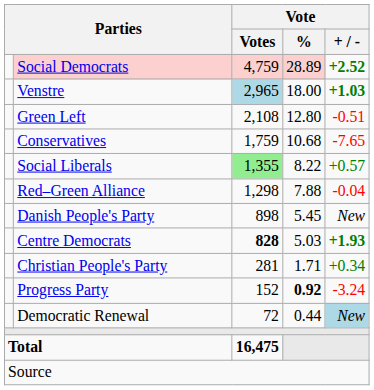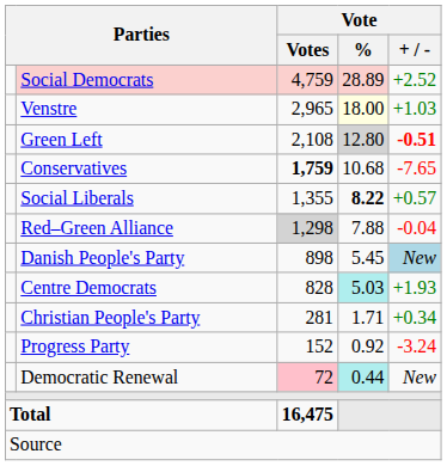 <table class="wikitable" style="text-align:right;">
 <tr>
 <th style="text-align:centre;" rowspan="2" colspan="2" width="225">Parties</th>
 <th colspan="3">Vote</th>
 </tr>
 <tr>
 <th width="15">Votes</th>
 <th width="15">%</th>
 <th width="15">+ / -</th>
 </tr>
 <tr>
 <td width="2" style="color:inherit;background:"></td>
 <td bgcolor=#fbd0ce  align="left"><a href='#'>Social Democrats</a></td>
 <td bgcolor=#fbd0ce>4,759</td>
 <td bgcolor=#fbd0ce>28.89</td>
-<td style=color:green;><strong>+2.52</strong></td>
+<td style=color:green;>+2.52</td>
 </tr>
 <tr>
 <td width="2" style="color:inherit;background:"></td>
 <td align="left"><a href='#'>Venstre</a></td>
-<td style="background: lightblue;">2,965</td>
-<td>18.00</td>
-<td style=color:green;><strong>+1.03</strong></td>
+<td>2,965</td>
+<td style="background: lightyellow;">18.00</td>
+<td style=color:green;>+1.03</td>
 </tr>
 <tr>
 <td width="2" style="color:inherit;background:"></td>
 <td align="left"><a href='#'>Green Left</a></td>
 <td>2,108</td>
-<td>12.80</td>
-<td style=color:red;>-0.51</td>
+<td style="background: lightgrey;">12.80</td>
+<td style=color:red;><strong>-0.51</strong></td>
 </tr>
 <tr>
 <td width="2" style="color:inherit;background:"></td>
 <td align="left"><a href='#'>Conservatives</a></td>
-<td>1,759</td>
+<td><strong>1,759</strong></td>
 <td>10.68</td>
 <td style=color:red;>-7.65</td>
 </tr>
 <tr>
 <td width="2" style="color:inherit;background:"></td>
 <td align="left"><a href='#'>Social Liberals</a></td>
-<td style="background: lightgreen;">1,355</td>
-<td>8.22</td>
+<td>1,355</td>
+<td><strong>8.22</strong></td>
 <td style=color:green;>+0.57</td>
 </tr>
 <tr>
 <td width="2" style="color:inherit;background:"></td>
 <td align="left"><a href='#'>Red–Green Alliance</a></td>
-<td>1,298</td>
+<td style="background: lightgrey;">1,298</td>
 <td>7.88</td>
 <td style=color:red;>-0.04</td>
 </tr>
 <tr>
 <td width="2" style="color:inherit;background:"></td>
 <td align="left"><a href='#'>Danish People's Party</a></td>
 <td>898</td>
 <td>5.45</td>
-<td><em>New</em></td>
+<td style="background: lightblue;"><em>New</em></td>
 </tr>
 <tr>
 <td width="2" style="color:inherit;background:"></td>
 <td align="left"><a href='#'>Centre Democrats</a></td>
-<td><strong>828</strong></td>
-<td>5.03</td>
-<td style=color:green;><strong>+1.93</strong></td>
+<td>828</td>
+<td style="background: paleturquoise;">5.03</td>
+<td style=color:green;>+1.93</td>
 </tr>
 <tr>
 <td width="2" style="color:inherit;background:"></td>
 <td align="left"><a href='#'>Christian People's Party</a></td>
 <td>281</td>
 <td>1.71</td>
 <td style=color:green;>+0.34</td>
 </tr>
 <tr>
 <td width="2" style="color:inherit;background:"></td>
 <td align="left"><a href='#'>Progress Party</a></td>
 <td>152</td>
-<td><strong>0.92</strong></td>
+<td>0.92</td>
 <td style=color:red;>-3.24</td>
 </tr>
 <tr>
 <td width="2" style="color:inherit;background:"></td>
 <td align="left">Democratic Renewal</td>
-<td>72</td>
-<td>0.44</td>
-<td style="background: lightblue;"><em>New</em></td>
+<td style="background: pink;">72</td>
+<td style="background: paleturquoise;">0.44</td>
+<td><em>New</em></td>
 </tr>
 <tr>
 <td colspan="7" bgcolor="#E9E9E9"></td>
 </tr>
 <tr>
 <td align="left" colspan="2"><strong>Total</strong></td>
 <td><strong>16,475</strong></td>
 <td bgcolor="#E9E9E9" colspan="2"></td>
 </tr>
 <tr>
 <td align="left" colspan="6">Source</td>
 </tr>
 </table>
